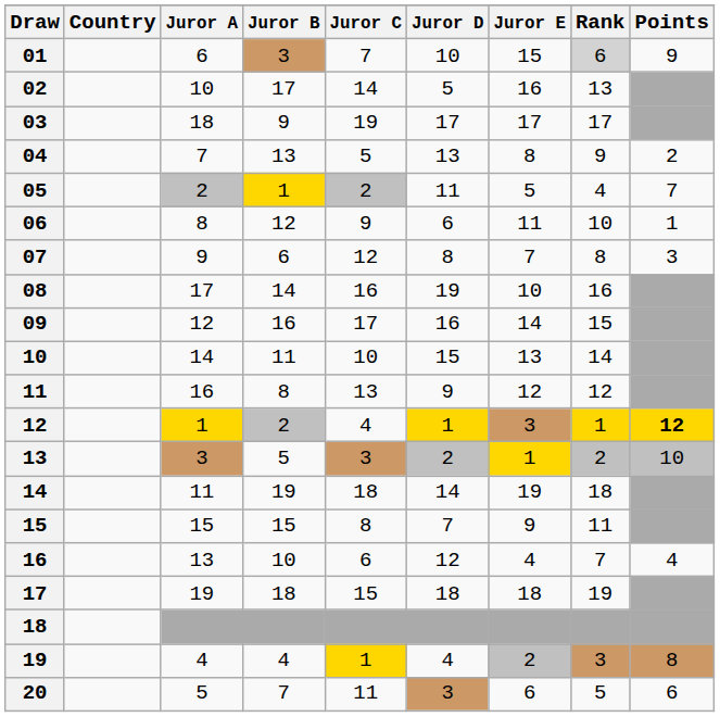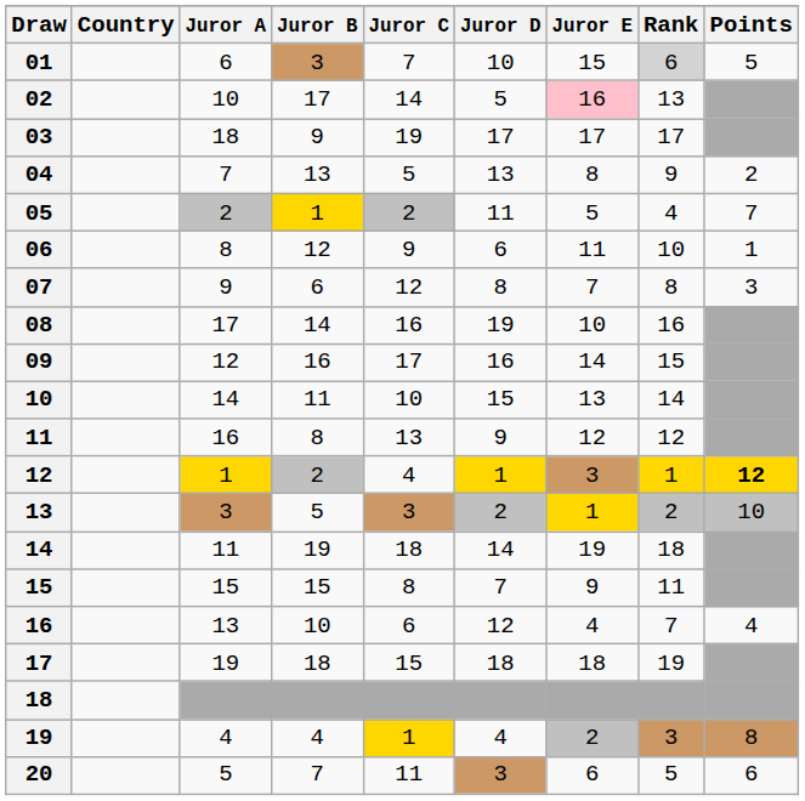 <table class="sortable wikitable collapsible plainrowheaders" style="text-align:center;">
 <tr>
 </tr>
 <tr>
 <th scope="col">Draw</th>
 <th scope="col">Country</th>
 <th scope="col"><small>Juror A</small></th>
 <th scope="col"><small>Juror B</small></th>
 <th scope="col"><small>Juror C</small></th>
 <th scope="col"><small>Juror D</small></th>
 <th scope="col"><small>Juror E</small></th>
 <th scope="col">Rank</th>
 <th scope="col">Points</th>
 </tr>
 <tr>
 <th scope="row" style="text-align:center;">01</th>
 <td style="text-align:left;"></td>
 <td>6</td>
 <td style="background:#c96;">3</td>
 <td>7</td>
 <td>10</td>
 <td>15</td>
 <td style="background: lightgrey;">6</td>
-<td>9</td>
+<td>5</td>
 </tr>
 <tr>
 <th scope="row" style="text-align:center;">02</th>
 <td style="text-align:left;"></td>
 <td>10</td>
 <td>17</td>
 <td>14</td>
 <td>5</td>
-<td>16</td>
+<td style="background: pink;">16</td>
 <td>13</td>
 <td style="background:#aaa;"></td>
 </tr>
 <tr>
 <th scope="row" style="text-align:center;">03</th>
 <td style="text-align:left;"></td>
 <td>18</td>
 <td>9</td>
 <td>19</td>
 <td>17</td>
 <td>17</td>
 <td>17</td>
 <td style="background:#aaa;"></td>
 </tr>
 <tr>
 <th scope="row" style="text-align:center;">04</th>
 <td style="text-align:left;"></td>
 <td>7</td>
 <td>13</td>
 <td>5</td>
 <td>13</td>
 <td>8</td>
 <td>9</td>
 <td>2</td>
 </tr>
 <tr>
 <th scope="row" style="text-align:center;">05</th>
 <td style="text-align:left;"></td>
 <td style="background:silver;">2</td>
 <td style="background:gold;">1</td>
 <td style="background:silver;">2</td>
 <td>11</td>
 <td>5</td>
 <td>4</td>
 <td>7</td>
 </tr>
 <tr>
 <th scope="row" style="text-align:center;">06</th>
 <td style="text-align:left;"></td>
 <td>8</td>
 <td>12</td>
 <td>9</td>
 <td>6</td>
 <td>11</td>
 <td>10</td>
 <td>1</td>
 </tr>
 <tr>
 <th scope="row" style="text-align:center;">07</th>
 <td style="text-align:left;"></td>
 <td>9</td>
 <td>6</td>
 <td>12</td>
 <td>8</td>
 <td>7</td>
 <td>8</td>
 <td>3</td>
 </tr>
 <tr>
 <th scope="row" style="text-align:center;">08</th>
 <td style="text-align:left;"></td>
 <td>17</td>
 <td>14</td>
 <td>16</td>
 <td>19</td>
 <td>10</td>
 <td>16</td>
 <td style="background:#aaa;"></td>
 </tr>
 <tr>
 <th scope="row" style="text-align:center;">09</th>
 <td style="text-align:left;"></td>
 <td>12</td>
 <td>16</td>
 <td>17</td>
 <td>16</td>
 <td>14</td>
 <td>15</td>
 <td style="background:#aaa;"></td>
 </tr>
 <tr>
 <th scope="row" style="text-align:center;">10</th>
 <td style="text-align:left;"></td>
 <td>14</td>
 <td>11</td>
 <td>10</td>
 <td>15</td>
 <td>13</td>
 <td>14</td>
 <td style="background:#aaa;"></td>
 </tr>
 <tr>
 <th scope="row" style="text-align:center;">11</th>
 <td style="text-align:left;"></td>
 <td>16</td>
 <td>8</td>
 <td>13</td>
 <td>9</td>
 <td>12</td>
 <td>12</td>
 <td style="background:#aaa;"></td>
 </tr>
 <tr>
 <th scope="row" style="text-align:center;">12</th>
 <td style="text-align:left;"></td>
 <td style="background:gold;">1</td>
 <td style="background:silver;">2</td>
 <td>4</td>
 <td style="background:gold;">1</td>
 <td style="background:#c96;">3</td>
 <td style="background:gold;">1</td>
 <td style="background:gold;"><strong>12</strong></td>
 </tr>
 <tr>
 <th scope="row" style="text-align:center;">13</th>
 <td style="text-align:left;"></td>
 <td style="background:#c96;">3</td>
 <td>5</td>
 <td style="background:#c96;">3</td>
 <td style="background:silver;">2</td>
 <td style="background:gold;">1</td>
 <td style="background:silver;">2</td>
 <td style="background:silver;">10</td>
 </tr>
 <tr>
 <th scope="row" style="text-align:center;">14</th>
 <td style="text-align:left;"></td>
 <td>11</td>
 <td>19</td>
 <td>18</td>
 <td>14</td>
 <td>19</td>
 <td>18</td>
 <td style="background:#aaa;"></td>
 </tr>
 <tr>
 <th scope="row" style="text-align:center;">15</th>
 <td style="text-align:left;"></td>
 <td>15</td>
 <td>15</td>
 <td>8</td>
 <td>7</td>
 <td>9</td>
 <td>11</td>
 <td style="background:#aaa;"></td>
 </tr>
 <tr>
 <th scope="row" style="text-align:center;">16</th>
 <td style="text-align:left;"></td>
 <td>13</td>
 <td>10</td>
 <td>6</td>
 <td>12</td>
 <td>4</td>
 <td>7</td>
 <td>4</td>
 </tr>
 <tr>
 <th scope="row" style="text-align:center;">17</th>
 <td style="text-align:left;"></td>
 <td>19</td>
 <td>18</td>
 <td>15</td>
 <td>18</td>
 <td>18</td>
 <td>19</td>
 <td style="background:#aaa;"></td>
 </tr>
 <tr class="sortbottom">
 <th scope="row" style="text-align:center;">18</th>
 <td style="text-align:left;"></td>
 <td style="background:#aaa;"></td>
 <td style="background:#aaa;"></td>
 <td style="background:#aaa;"></td>
 <td style="background:#aaa;"></td>
 <td style="background:#aaa;"></td>
 <td style="background:#aaa;"></td>
 <td style="background:#aaa;"></td>
 </tr>
 <tr>
 <th scope="row" style="text-align:center;">19</th>
 <td style="text-align:left;"></td>
 <td>4</td>
 <td>4</td>
 <td style="background:gold;">1</td>
 <td>4</td>
 <td style="background:silver;">2</td>
 <td style="background:#c96;">3</td>
 <td style="background:#c96;">8</td>
 </tr>
 <tr>
 <th scope="row" style="text-align:center;">20</th>
 <td style="text-align:left;"></td>
 <td>5</td>
 <td>7</td>
 <td>11</td>
 <td style="background:#c96;">3</td>
 <td>6</td>
 <td>5</td>
 <td>6</td>
 </tr>
 </table>
